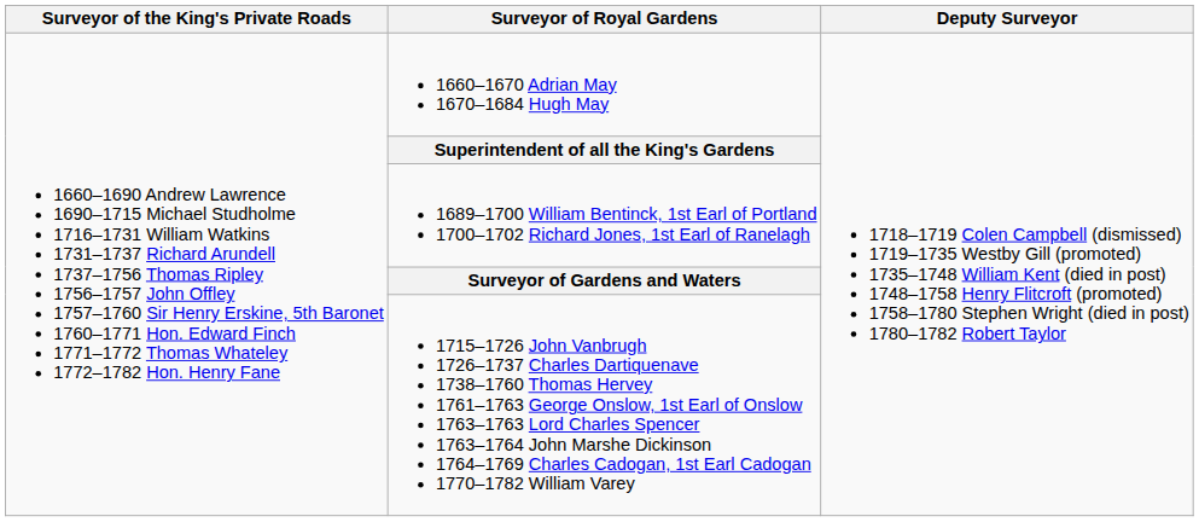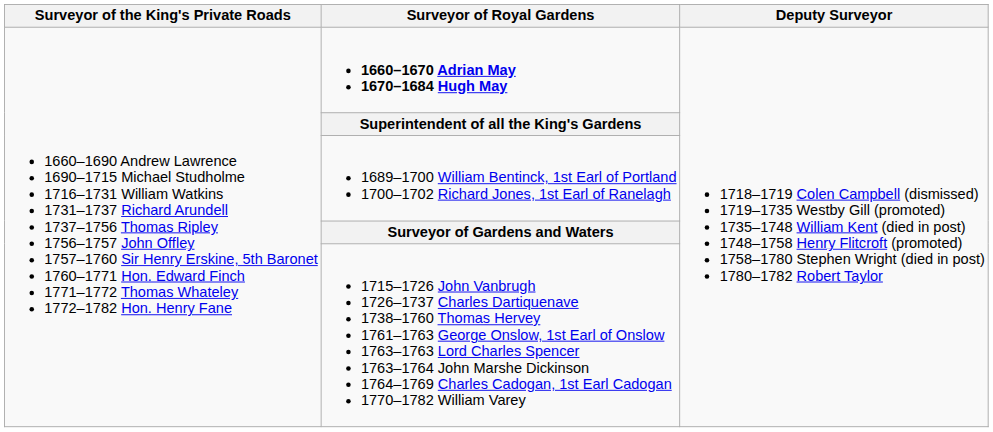 <table class="wikitable">
 <tr>
 <th>Surveyor of the King's Private Roads</th>
 <th><strong>Surveyor of Royal Gardens</strong></th>
 <th>Deputy Surveyor</th>
 </tr>
 <tr>
 <td rowspan="5"><br><ul><li>1660–1690 Andrew Lawrence</li><li>1690–1715 Michael Studholme</li><li>1716–1731 William Watkins</li><li>1731–1737 <a href='#'>Richard Arundell</a></li><li>1737–1756 <a href='#'>Thomas Ripley</a></li><li>1756–1757 <a href='#'>John Offley</a></li><li>1757–1760 <a href='#'>Sir Henry Erskine, 5th Baronet</a></li><li>1760–1771 <a href='#'>Hon. Edward Finch</a></li><li>1771–1772 <a href='#'>Thomas Whateley</a></li><li>1772–1782 <a href='#'>Hon. Henry Fane</a></li></ul></td>
-<td><br><ul><li>1660–1670 <a href='#'>Adrian May</a></li><li>1670–1684 <a href='#'>Hugh May</a></li></ul></td>
+<td><strong><br><ul><li>1660–1670 <a href='#'>Adrian May</a></li><li>1670–1684 <a href='#'>Hugh May</a></li></ul></strong></td>
 <td rowspan="5"><br><ul><li>1718–1719 <a href='#'>Colen Campbell</a>  (dismissed)</li><li>1719–1735 Westby Gill  (promoted)</li><li>1735–1748 <a href='#'>William Kent</a>  (died in post)</li><li>1748–1758 <a href='#'>Henry Flitcroft</a>  (promoted)</li><li>1758–1780 Stephen Wright  (died in post)</li><li>1780–1782 <a href='#'>Robert Taylor</a></li></ul></td>
 </tr>
 <tr>
 <th><strong>Superintendent of all the King's Gardens</strong></th>
 </tr>
 <tr>
 <td><br><ul><li>1689–1700 <a href='#'>William Bentinck, 1st Earl of Portland</a></li><li>1700–1702 <a href='#'>Richard Jones, 1st Earl of Ranelagh</a></li></ul></td>
 </tr>
 <tr>
 <th><strong>Surveyor of Gardens and Waters</strong></th>
 </tr>
 <tr>
 <td><br><ul><li>1715–1726 <a href='#'>John Vanbrugh</a></li><li>1726–1737 <a href='#'>Charles Dartiquenave</a></li><li>1738–1760 <a href='#'>Thomas Hervey</a></li><li>1761–1763 <a href='#'>George Onslow, 1st Earl of Onslow</a></li><li>1763–1763 <a href='#'>Lord Charles Spencer</a></li><li>1763–1764 John Marshe Dickinson</li><li>1764–1769 <a href='#'>Charles Cadogan, 1st Earl Cadogan</a></li><li>1770–1782 William Varey</li></ul></td>
 </tr>
 </table>
